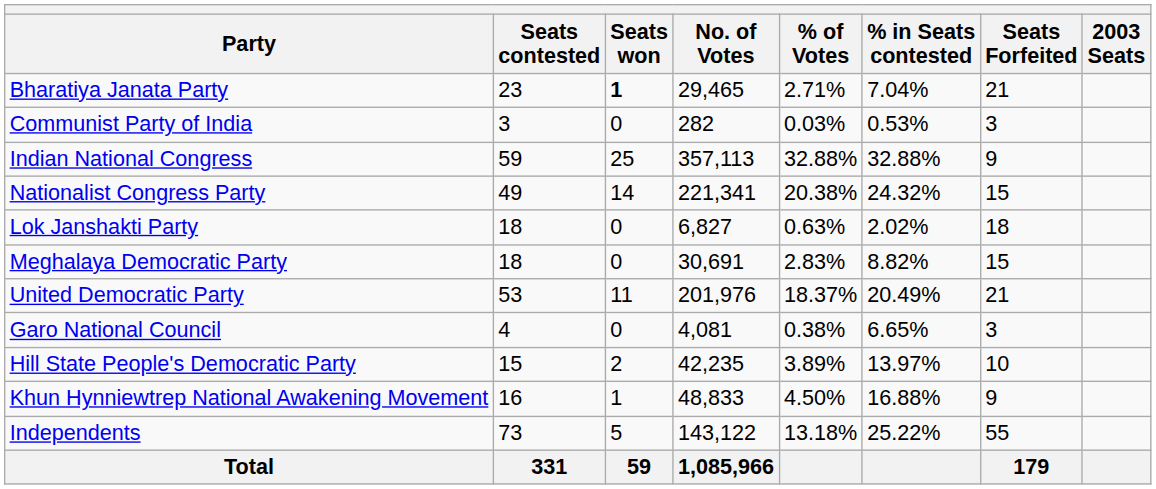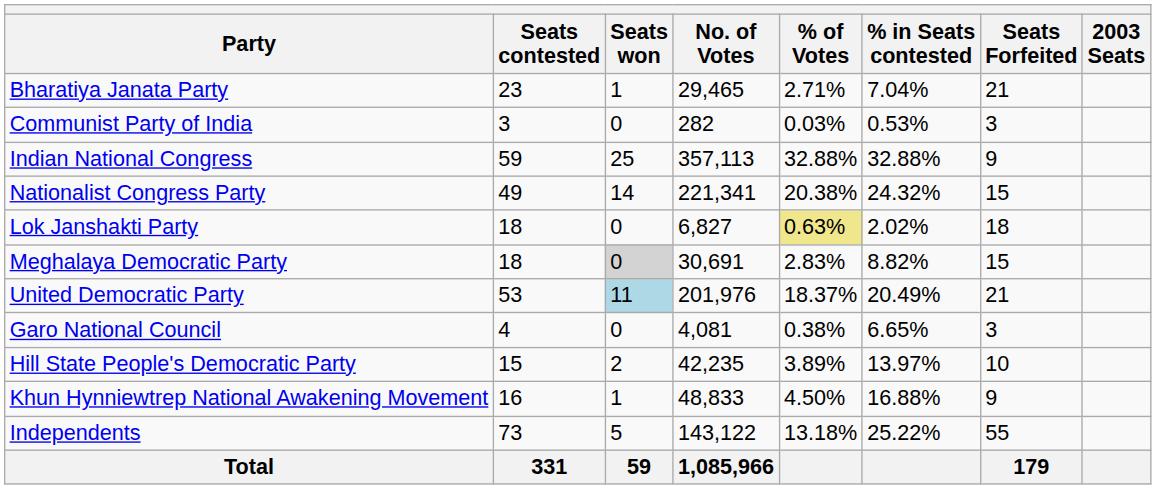 <table class="wikitable sortable">
 <tr>
 <th colspan=10></th>
 </tr>
 <tr>
 <th>Party</th>
 <th>Seats<br>contested</th>
 <th>Seats<br>won</th>
 <th>No. of<br>Votes</th>
 <th>% of<br>Votes</th>
 <th>% in Seats<br>contested</th>
 <th>Seats<br>Forfeited</th>
 <th>2003<br>Seats</th>
 </tr>
 <tr>
 <td><a href='#'>Bharatiya Janata Party</a></td>
 <td>23</td>
-<td><strong>1</strong></td>
+<td>1</td>
 <td>29,465</td>
 <td>2.71%</td>
 <td>7.04%</td>
 <td>21</td>
 <td></td>
 </tr>
 <tr>
 <td><a href='#'>Communist Party of India</a></td>
 <td>3</td>
 <td>0</td>
 <td>282</td>
 <td>0.03%</td>
 <td>0.53%</td>
 <td>3</td>
 <td></td>
 </tr>
 <tr>
 <td><a href='#'>Indian National Congress</a></td>
 <td>59</td>
 <td>25</td>
 <td>357,113</td>
 <td>32.88%</td>
 <td>32.88%</td>
 <td>9</td>
 <td></td>
 </tr>
 <tr>
 <td><a href='#'>Nationalist Congress Party</a></td>
 <td>49</td>
 <td>14</td>
 <td>221,341</td>
 <td>20.38%</td>
 <td>24.32%</td>
 <td>15</td>
 <td></td>
 </tr>
 <tr>
 <td><a href='#'>Lok Janshakti Party</a></td>
 <td>18</td>
 <td>0</td>
 <td>6,827</td>
-<td>0.63%</td>
+<td style="background: khaki;">0.63%</td>
 <td>2.02%</td>
 <td>18</td>
 <td></td>
 </tr>
 <tr>
 <td><a href='#'>Meghalaya Democratic Party</a></td>
 <td>18</td>
-<td>0</td>
+<td style="background: lightgrey;">0</td>
 <td>30,691</td>
 <td>2.83%</td>
 <td>8.82%</td>
 <td>15</td>
 <td></td>
 </tr>
 <tr>
 <td><a href='#'>United Democratic Party</a></td>
 <td>53</td>
-<td>11</td>
+<td style="background: lightblue;">11</td>
 <td>201,976</td>
 <td>18.37%</td>
 <td>20.49%</td>
 <td>21</td>
 <td></td>
 </tr>
 <tr>
 <td><a href='#'>Garo National Council</a></td>
 <td>4</td>
 <td>0</td>
 <td>4,081</td>
 <td>0.38%</td>
 <td>6.65%</td>
 <td>3</td>
 <td></td>
 </tr>
 <tr>
 <td><a href='#'>Hill State People's Democratic Party</a></td>
 <td>15</td>
 <td>2</td>
 <td>42,235</td>
 <td>3.89%</td>
 <td>13.97%</td>
 <td>10</td>
 <td></td>
 </tr>
 <tr>
 <td><a href='#'>Khun Hynniewtrep National Awakening Movement</a></td>
 <td>16</td>
 <td>1</td>
 <td>48,833</td>
 <td>4.50%</td>
 <td>16.88%</td>
 <td>9</td>
 <td></td>
 </tr>
 <tr>
 <td><a href='#'>Independents</a></td>
 <td>73</td>
 <td>5</td>
 <td>143,122</td>
 <td>13.18%</td>
 <td>25.22%</td>
 <td>55</td>
 <td></td>
 </tr>
 <tr>
 <th>Total</th>
 <th>331</th>
 <th>59</th>
 <th>1,085,966</th>
 <th></th>
 <th></th>
 <th>179</th>
 <th></th>
 </tr>
 </table>
